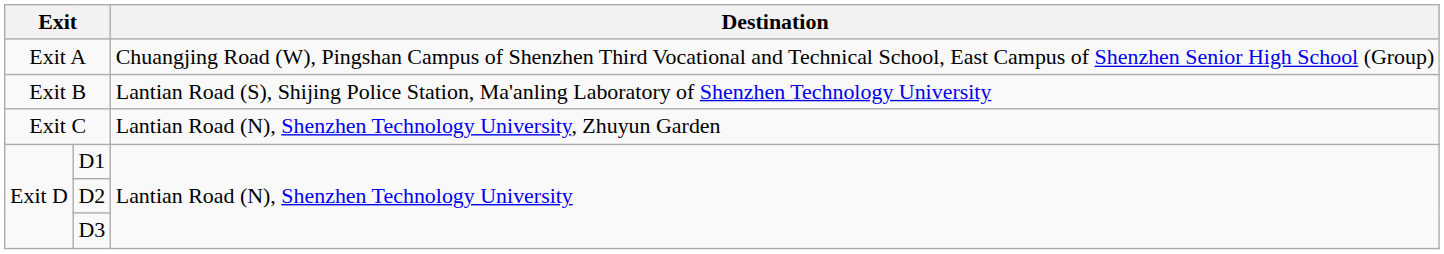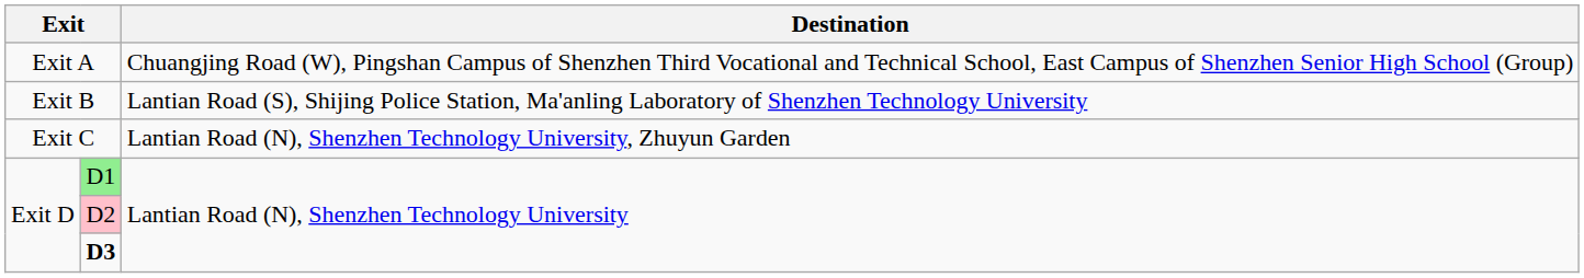 <table class="wikitable">
 <tr>
 <th style="width:70px" colspan=2>Exit</th>
 <th>Destination</th>
 </tr>
 <tr>
 <td align=center colspan=2>Exit A</td>
 <td>Chuangjing Road (W), Pingshan Campus of Shenzhen Third Vocational and Technical School, East Campus of <a href='#'>Shenzhen Senior High School</a> (Group)</td>
 </tr>
 <tr>
 <td align=center colspan=2>Exit B</td>
 <td>Lantian Road (S), Shijing Police Station, Ma'anling Laboratory of <a href='#'>Shenzhen Technology University</a></td>
 </tr>
 <tr>
 <td align=center colspan=2>Exit C</td>
 <td>Lantian Road (N), <a href='#'>Shenzhen Technology University</a>, Zhuyun Garden</td>
 </tr>
 <tr>
 <td align=center rowspan=3>Exit D</td>
-<td>D1</td>
+<td style="background: lightgreen;">D1</td>
 <td rowspan=3>Lantian Road (N), <a href='#'>Shenzhen Technology University</a></td>
 </tr>
 <tr>
-<td>D2</td>
+<td style="background: pink;">D2</td>
 </tr>
 <tr>
-<td>D3</td>
+<td><strong>D3</strong></td>
 </tr>
 </table>
